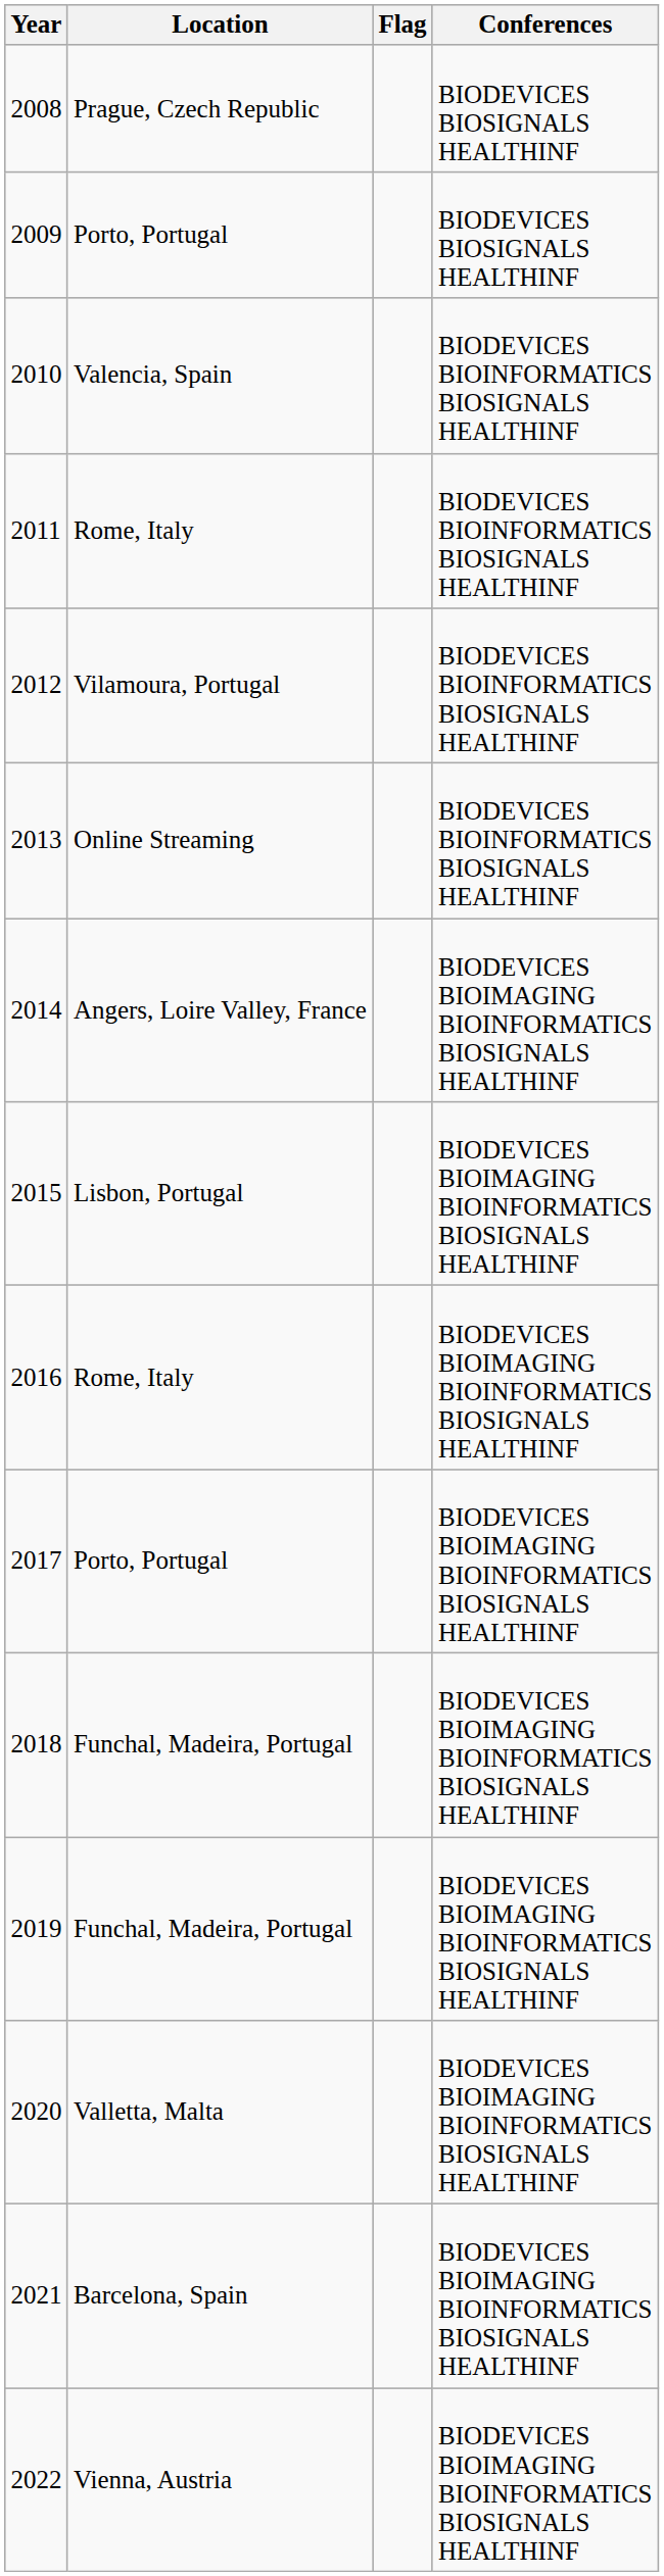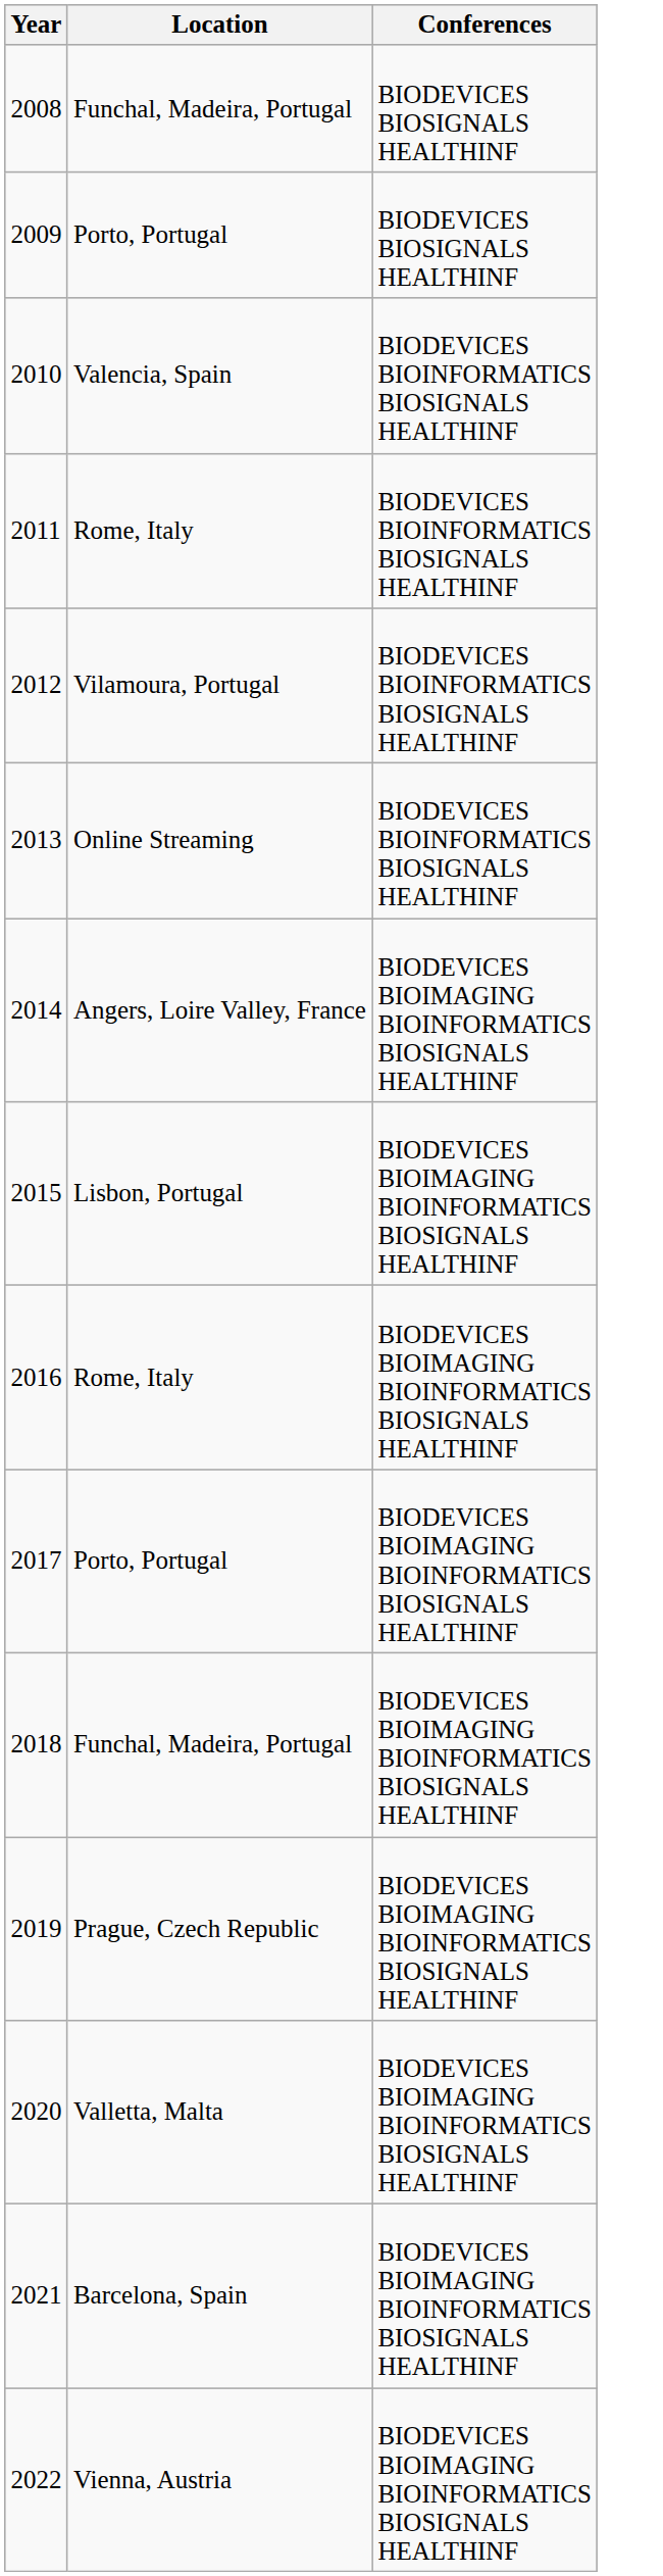 <table class="wikitable">
 <tr>
 <th>Year</th>
 <th>Location</th>
-<th>Flag</th>
 <th>Conferences</th>
 </tr>
 <tr>
 <td>2008</td>
-<td>Prague, Czech Republic</td>
-<td></td>
+<td>Funchal, Madeira, Portugal</td>
 <td><br>BIODEVICES<br> BIOSIGNALS<br> HEALTHINF</td>
 </tr>
 <tr>
 <td>2009</td>
 <td>Porto, Portugal</td>
-<td></td>
 <td><br>BIODEVICES<br> BIOSIGNALS<br> HEALTHINF</td>
 </tr>
 <tr>
 <td>2010</td>
 <td>Valencia, Spain</td>
-<td></td>
 <td><br>BIODEVICES<br> BIOINFORMATICS<br> BIOSIGNALS<br> HEALTHINF</td>
 </tr>
 <tr>
 <td>2011</td>
 <td>Rome, Italy</td>
-<td></td>
 <td><br>BIODEVICES<br> BIOINFORMATICS<br> BIOSIGNALS<br> HEALTHINF</td>
 </tr>
 <tr>
 <td>2012</td>
 <td>Vilamoura, Portugal</td>
-<td></td>
 <td><br>BIODEVICES<br> BIOINFORMATICS<br> BIOSIGNALS<br> HEALTHINF</td>
 </tr>
 <tr>
 <td>2013</td>
 <td>Online Streaming</td>
-<td></td>
 <td><br>BIODEVICES<br> BIOINFORMATICS<br> BIOSIGNALS<br> HEALTHINF</td>
 </tr>
 <tr>
 <td>2014</td>
 <td>Angers, Loire Valley, France</td>
-<td></td>
 <td><br>BIODEVICES<br> BIOIMAGING<br> BIOINFORMATICS<br> BIOSIGNALS<br> HEALTHINF</td>
 </tr>
 <tr>
 <td>2015</td>
 <td>Lisbon, Portugal</td>
-<td></td>
 <td><br>BIODEVICES<br> BIOIMAGING<br> BIOINFORMATICS<br> BIOSIGNALS<br> HEALTHINF</td>
 </tr>
 <tr>
 <td>2016</td>
 <td>Rome, Italy</td>
-<td></td>
 <td><br>BIODEVICES<br> BIOIMAGING<br> BIOINFORMATICS<br> BIOSIGNALS<br> HEALTHINF</td>
 </tr>
 <tr>
 <td>2017</td>
 <td>Porto, Portugal</td>
-<td></td>
 <td><br>BIODEVICES<br> BIOIMAGING<br> BIOINFORMATICS<br> BIOSIGNALS<br> HEALTHINF</td>
 </tr>
 <tr>
 <td>2018</td>
 <td>Funchal, Madeira, Portugal</td>
-<td></td>
 <td><br>BIODEVICES<br> BIOIMAGING<br> BIOINFORMATICS<br> BIOSIGNALS<br> HEALTHINF</td>
 </tr>
 <tr>
 <td>2019</td>
-<td>Funchal, Madeira, Portugal</td>
-<td></td>
+<td>Prague, Czech Republic</td>
 <td><br>BIODEVICES<br> BIOIMAGING<br> BIOINFORMATICS<br> BIOSIGNALS<br> HEALTHINF</td>
 </tr>
 <tr>
 <td>2020</td>
 <td>Valletta, Malta</td>
-<td></td>
 <td><br>BIODEVICES<br> BIOIMAGING<br> BIOINFORMATICS<br> BIOSIGNALS<br> HEALTHINF</td>
 </tr>
 <tr>
 <td>2021</td>
 <td>Barcelona, Spain</td>
-<td></td>
 <td><br>BIODEVICES<br> BIOIMAGING<br> BIOINFORMATICS<br> BIOSIGNALS<br> HEALTHINF</td>
 </tr>
 <tr>
 <td>2022</td>
 <td>Vienna, Austria</td>
-<td></td>
 <td><br>BIODEVICES<br> BIOIMAGING<br> BIOINFORMATICS<br> BIOSIGNALS<br> HEALTHINF</td>
 </tr>
 </table>
